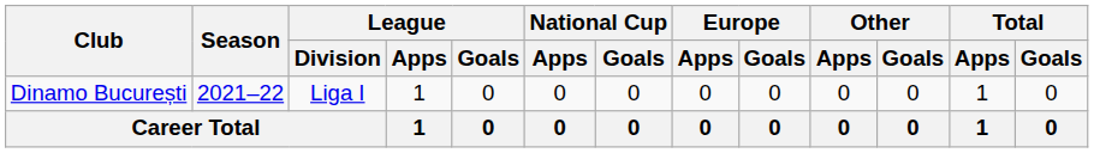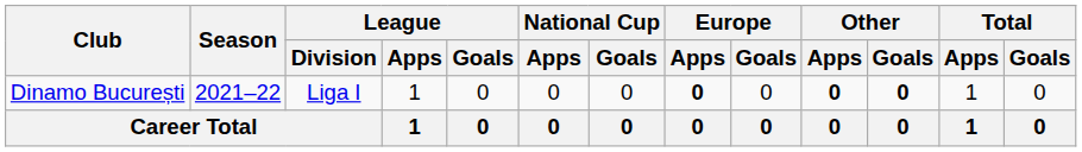 <table class=wikitable style=text-align:center>
 <tr>
 <th rowspan=2>Club</th>
 <th rowspan=2>Season</th>
 <th colspan=3>League</th>
 <th colspan=2>National Cup</th>
 <th colspan=2>Europe</th>
 <th colspan=2>Other</th>
 <th colspan=2>Total</th>
 </tr>
 <tr>
 <th>Division</th>
 <th>Apps</th>
 <th>Goals</th>
 <th>Apps</th>
 <th>Goals</th>
 <th>Apps</th>
 <th>Goals</th>
 <th>Apps</th>
 <th>Goals</th>
 <th>Apps</th>
 <th>Goals</th>
 </tr>
 <tr>
 <td rowspan="1"><a href='#'>Dinamo București</a></td>
 <td><a href='#'>2021–22</a></td>
 <td rowspan="1"><a href='#'>Liga I</a></td>
 <td>1</td>
 <td>0</td>
 <td>0</td>
 <td>0</td>
+<td><strong>0</strong></td>
 <td>0</td>
-<td>0</td>
-<td>0</td>
-<td>0</td>
+<td><strong>0</strong></td>
+<td><strong>0</strong></td>
 <td>1</td>
 <td>0</td>
 </tr>
 <tr>
 <th colspan="3">Career Total</th>
 <th>1</th>
 <th>0</th>
 <th>0</th>
 <th>0</th>
 <th>0</th>
 <th>0</th>
 <th>0</th>
 <th>0</th>
 <th>1</th>
 <th>0</th>
 </tr>
 </table>
